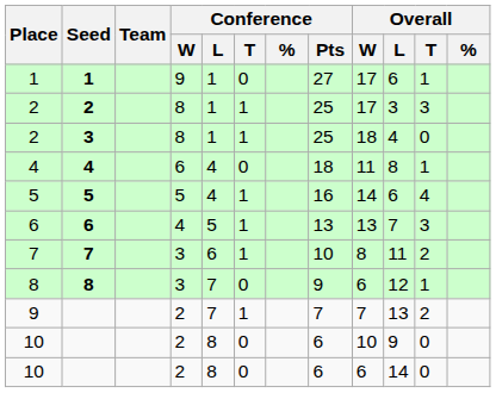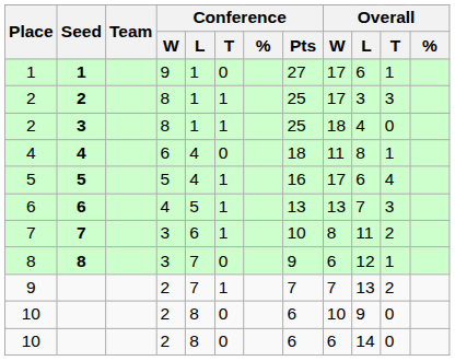 <table class="wikitable">
 <tr>
 <th rowspan ="2">Place</th>
 <th rowspan ="2">Seed</th>
 <th rowspan ="2">Team</th>
 <th colspan = "5">Conference</th>
 <th colspan = "4">Overall</th>
 </tr>
 <tr>
 <th scope="col" style="width: 20px;">W</th>
 <th scope="col" style="width: 20px;">L</th>
 <th scope="col" style="width: 20px;">T</th>
 <th scope="col" style="width: 30px;">%</th>
 <th scope="col" style="width: 30px;">Pts</th>
 <th scope="col" style="width: 20px;">W</th>
 <th scope="col" style="width: 20px;">L</th>
 <th scope="col" style="width: 20px;">T</th>
 <th scope="col" style="width: 30px;">%</th>
 </tr>
 <tr bgcolor=#ccffcc>
 <td style="text-align:center;">1</td>
 <td style="text-align:center;"><strong>1</strong></td>
 <td></td>
 <td>9</td>
 <td>1</td>
 <td>0</td>
 <td></td>
 <td>27</td>
 <td>17</td>
 <td>6</td>
 <td>1</td>
 <td></td>
 </tr>
 <tr bgcolor=#ccffcc>
 <td style="text-align:center;">2</td>
 <td style="text-align:center;"><strong>2</strong></td>
 <td></td>
 <td>8</td>
 <td>1</td>
 <td>1</td>
 <td></td>
 <td>25</td>
 <td>17</td>
 <td>3</td>
 <td>3</td>
 <td></td>
 </tr>
 <tr bgcolor=#ccffcc>
 <td style="text-align:center;">2</td>
 <td style="text-align:center;"><strong>3</strong></td>
 <td></td>
 <td>8</td>
 <td>1</td>
 <td>1</td>
 <td></td>
 <td>25</td>
 <td>18</td>
 <td>4</td>
 <td>0</td>
 <td></td>
 </tr>
 <tr bgcolor=#ccffcc>
 <td style="text-align:center;">4</td>
 <td style="text-align:center;"><strong>4</strong></td>
 <td></td>
 <td>6</td>
 <td>4</td>
 <td>0</td>
 <td></td>
 <td>18</td>
 <td>11</td>
 <td>8</td>
 <td>1</td>
 <td></td>
 </tr>
 <tr bgcolor=#ccffcc>
 <td style="text-align:center;">5</td>
 <td style="text-align:center;"><strong>5</strong></td>
 <td></td>
 <td>5</td>
 <td>4</td>
 <td>1</td>
 <td></td>
 <td>16</td>
-<td>14</td>
+<td>17</td>
 <td>6</td>
 <td>4</td>
 <td></td>
 </tr>
 <tr bgcolor=#ccffcc>
 <td style="text-align:center;">6</td>
 <td style="text-align:center;"><strong>6</strong></td>
 <td></td>
 <td>4</td>
 <td>5</td>
 <td>1</td>
 <td></td>
 <td>13</td>
 <td>13</td>
 <td>7</td>
 <td>3</td>
 <td></td>
 </tr>
 <tr bgcolor=#ccffcc>
 <td style="text-align:center;">7</td>
 <td style="text-align:center;"><strong>7</strong></td>
 <td></td>
 <td>3</td>
 <td>6</td>
 <td>1</td>
 <td></td>
 <td>10</td>
 <td>8</td>
 <td>11</td>
 <td>2</td>
 <td></td>
 </tr>
 <tr bgcolor=#ccffcc>
 <td style="text-align:center;">8</td>
 <td style="text-align:center;"><strong>8</strong></td>
 <td></td>
 <td>3</td>
 <td>7</td>
 <td>0</td>
 <td></td>
 <td>9</td>
 <td>6</td>
 <td>12</td>
 <td>1</td>
 <td></td>
 </tr>
 <tr>
 <td style="text-align:center;">9</td>
 <td style="text-align:center;"></td>
 <td></td>
 <td>2</td>
 <td>7</td>
 <td>1</td>
 <td></td>
 <td>7</td>
 <td>7</td>
 <td>13</td>
 <td>2</td>
 <td></td>
 </tr>
 <tr>
 <td style="text-align:center;">10</td>
 <td style="text-align:center;"></td>
 <td></td>
 <td>2</td>
 <td>8</td>
 <td>0</td>
 <td></td>
 <td>6</td>
 <td>10</td>
 <td>9</td>
 <td>0</td>
 <td></td>
 </tr>
 <tr>
 <td style="text-align:center;">10</td>
 <td style="text-align:center;"></td>
 <td></td>
 <td>2</td>
 <td>8</td>
 <td>0</td>
 <td></td>
 <td>6</td>
 <td>6</td>
 <td>14</td>
 <td>0</td>
 <td></td>
 </tr>
 </table>
